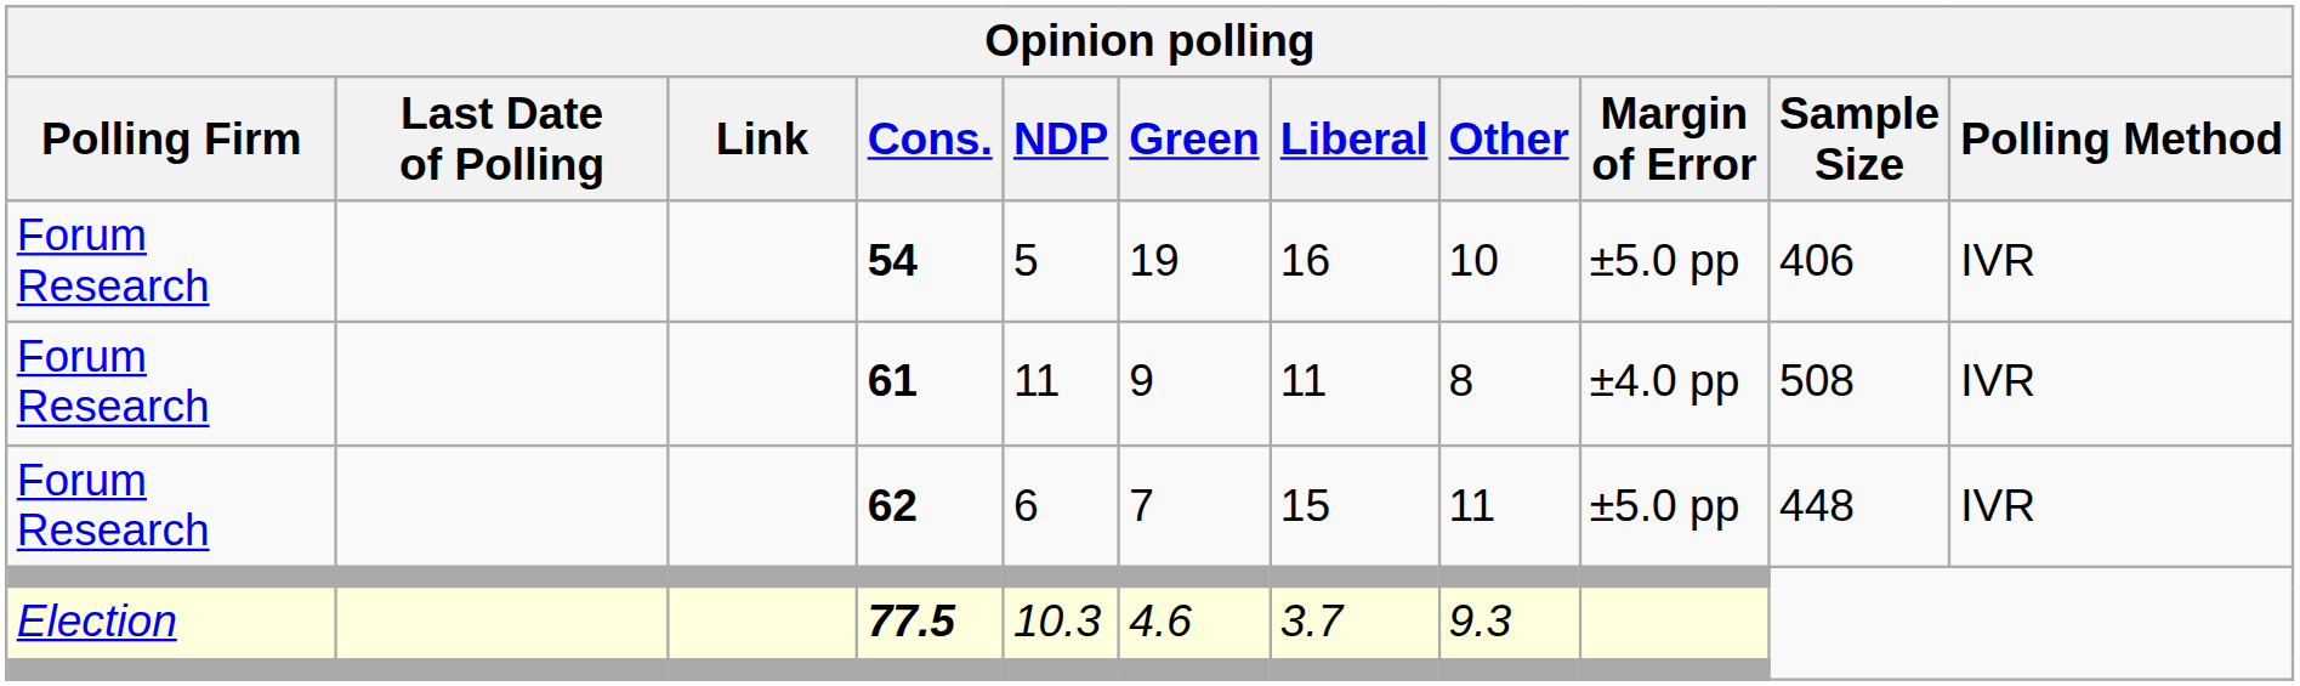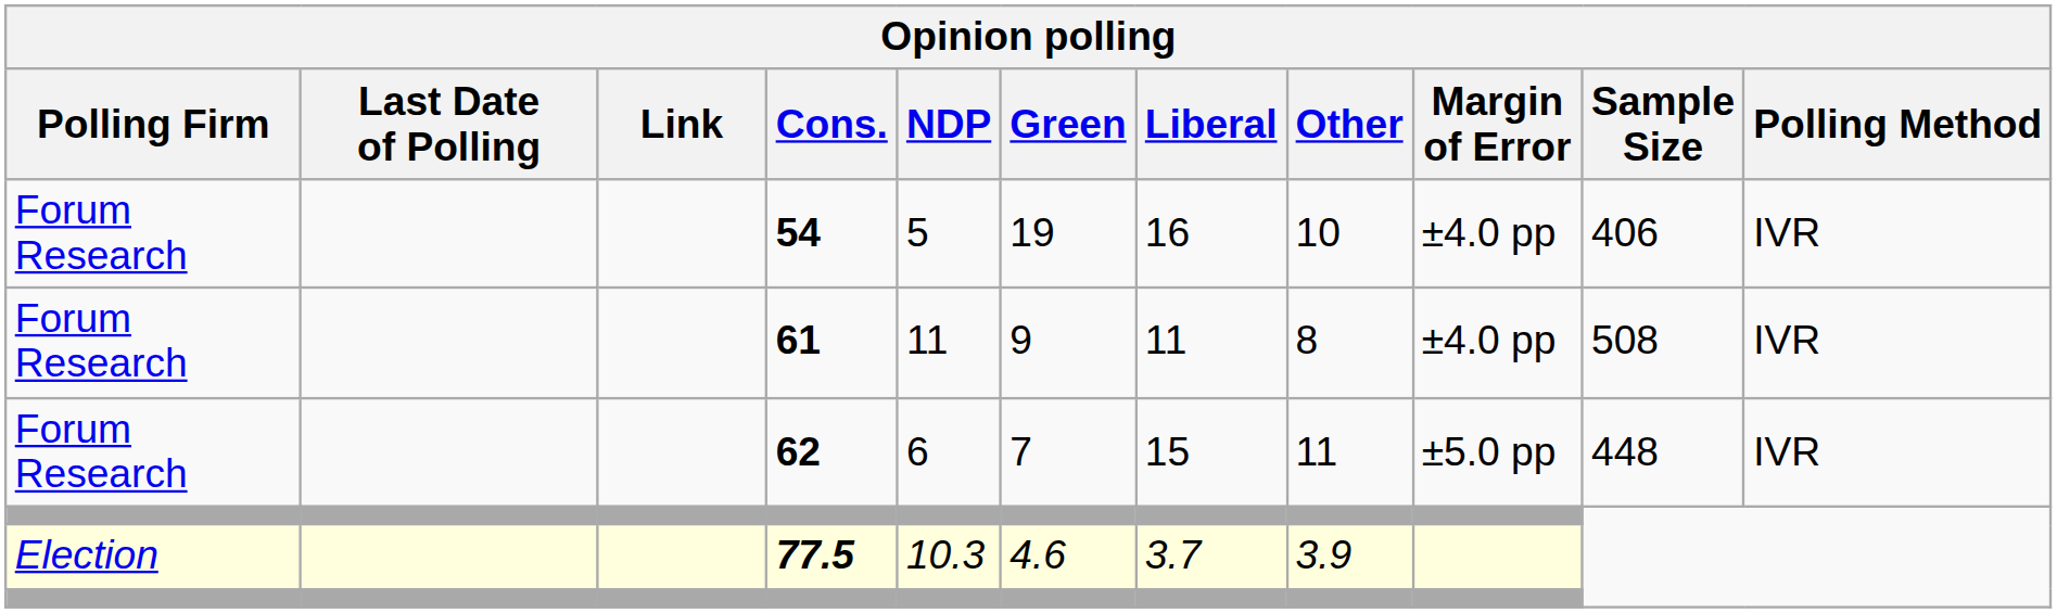 <table class="wikitable collapsible sortable collapsed">
 <tr style="background:#e9e9e9;">
 <th style="width:640px,;" colspan="11">Opinion polling</th>
 </tr>
 <tr style="background:#e9e9e9;">
 <th style="width:110px">Polling Firm</th>
 <th style="width:110px">Last Date<br>of Polling</th>
 <th style="width:60px" class="unsortable">Link</th>
 <th style="background-color:"><a href='#'>Cons.</a></th>
 <th style="background-color:"><a href='#'>NDP</a></th>
 <th style="background-color:"><a href='#'>Green</a></th>
 <th style="background-color:"><a href='#'>Liberal</a></th>
 <th style="background-color:"><a href='#'>Other</a></th>
 <th style="width:60px;" class=unsortable>Margin<br>of Error</th>
 <th style="width:50px;" class=unsortable>Sample<br>Size</th>
 <th class=unsortable>Polling Method</th>
 </tr>
 <tr>
 <td><a href='#'>Forum Research</a></td>
 <td></td>
 <td></td>
 <td><strong>54</strong></td>
 <td>5</td>
 <td>19</td>
 <td>16</td>
 <td>10</td>
-<td>±5.0 pp</td>
+<td>±4.0 pp</td>
 <td>406</td>
 <td>IVR</td>
 </tr>
 <tr>
 <td><a href='#'>Forum Research</a></td>
 <td></td>
 <td></td>
 <td><strong>61</strong></td>
 <td>11</td>
 <td>9</td>
 <td>11</td>
 <td>8</td>
 <td>±4.0 pp</td>
 <td>508</td>
 <td>IVR</td>
 </tr>
 <tr>
 <td><a href='#'>Forum Research</a></td>
 <td></td>
 <td></td>
 <td><strong>62</strong></td>
 <td>6</td>
 <td>7</td>
 <td>15</td>
 <td>11</td>
 <td>±5.0 pp</td>
 <td>448</td>
 <td>IVR</td>
 </tr>
 <tr style="background:Darkgrey;">
 <td></td>
 <td></td>
 <td></td>
 <td></td>
 <td></td>
 <td></td>
 <td></td>
 <td></td>
 <td></td>
 </tr>
 <tr>
 <td style="background:#ffd;"><em><a href='#'>Election</a></em></td>
 <td style="background:#ffd;"></td>
 <td style="background:#ffd;"></td>
 <td style="background:#ffd;"><strong><em>77.5</em></strong></td>
 <td style="background:#ffd;"><em>10.3</em></td>
 <td style="background:#ffd;"><em>4.6</em></td>
 <td style="background:#ffd;"><em>3.7</em></td>
-<td style="background:#ffd;"><em>9.3</em></td>
+<td style="background:#ffd;"><em>3.9</em></td>
 <td style="background:#ffd;"></td>
 </tr>
 <tr style="background:Darkgrey;">
 <td></td>
 <td></td>
 <td></td>
 <td></td>
 <td></td>
 <td></td>
 <td></td>
 <td></td>
 <td></td>
 </tr>
 </table>
